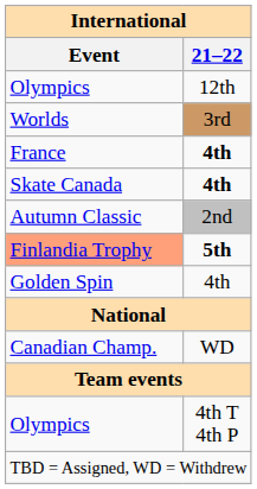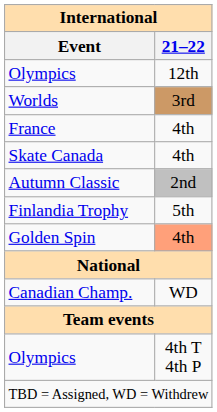 <table class="wikitable" style="text-align:center">
 <tr>
 <th colspan=3 style="background-color: #ffdead; " align="center">International</th>
 </tr>
 <tr>
 <th>Event</th>
 <th><a href='#'>21–22</a></th>
 </tr>
 <tr>
 <td align=left><a href='#'>Olympics</a></td>
 <td>12th</td>
 </tr>
 <tr>
 <td align=left><a href='#'>Worlds</a></td>
 <td bgcolor=cc9966>3rd</td>
 </tr>
 <tr>
 <td align=left> <a href='#'>France</a></td>
-<td><strong>4th</strong></td>
+<td>4th</td>
 </tr>
 <tr>
 <td align=left> <a href='#'>Skate Canada</a></td>
-<td><strong>4th</strong></td>
+<td>4th</td>
 </tr>
 <tr>
 <td align=left> <a href='#'>Autumn Classic</a></td>
 <td bgcolor=silver>2nd</td>
 </tr>
 <tr>
-<td align=left style="background: lightsalmon;"> <a href='#'>Finlandia Trophy</a></td>
-<td><strong>5th</strong></td>
+<td align=left> <a href='#'>Finlandia Trophy</a></td>
+<td>5th</td>
 </tr>
 <tr>
 <td align=left> <a href='#'>Golden Spin</a></td>
-<td>4th</td>
+<td style="background: lightsalmon;">4th</td>
 </tr>
 <tr>
 <th colspan=3 style="background-color: #ffdead; " align="center">National</th>
 </tr>
 <tr>
 <td align=left><a href='#'>Canadian Champ.</a></td>
 <td>WD</td>
 </tr>
 <tr>
 <th style="background-color: #ffdead; " colspan=3 align=center>Team events</th>
 </tr>
 <tr>
 <td align=left><a href='#'>Olympics</a></td>
 <td>4th T <br> 4th P</td>
 </tr>
 <tr>
 <td colspan=3 align="center"><small> TBD = Assigned, WD = Withdrew </small></td>
 </tr>
 </table>
